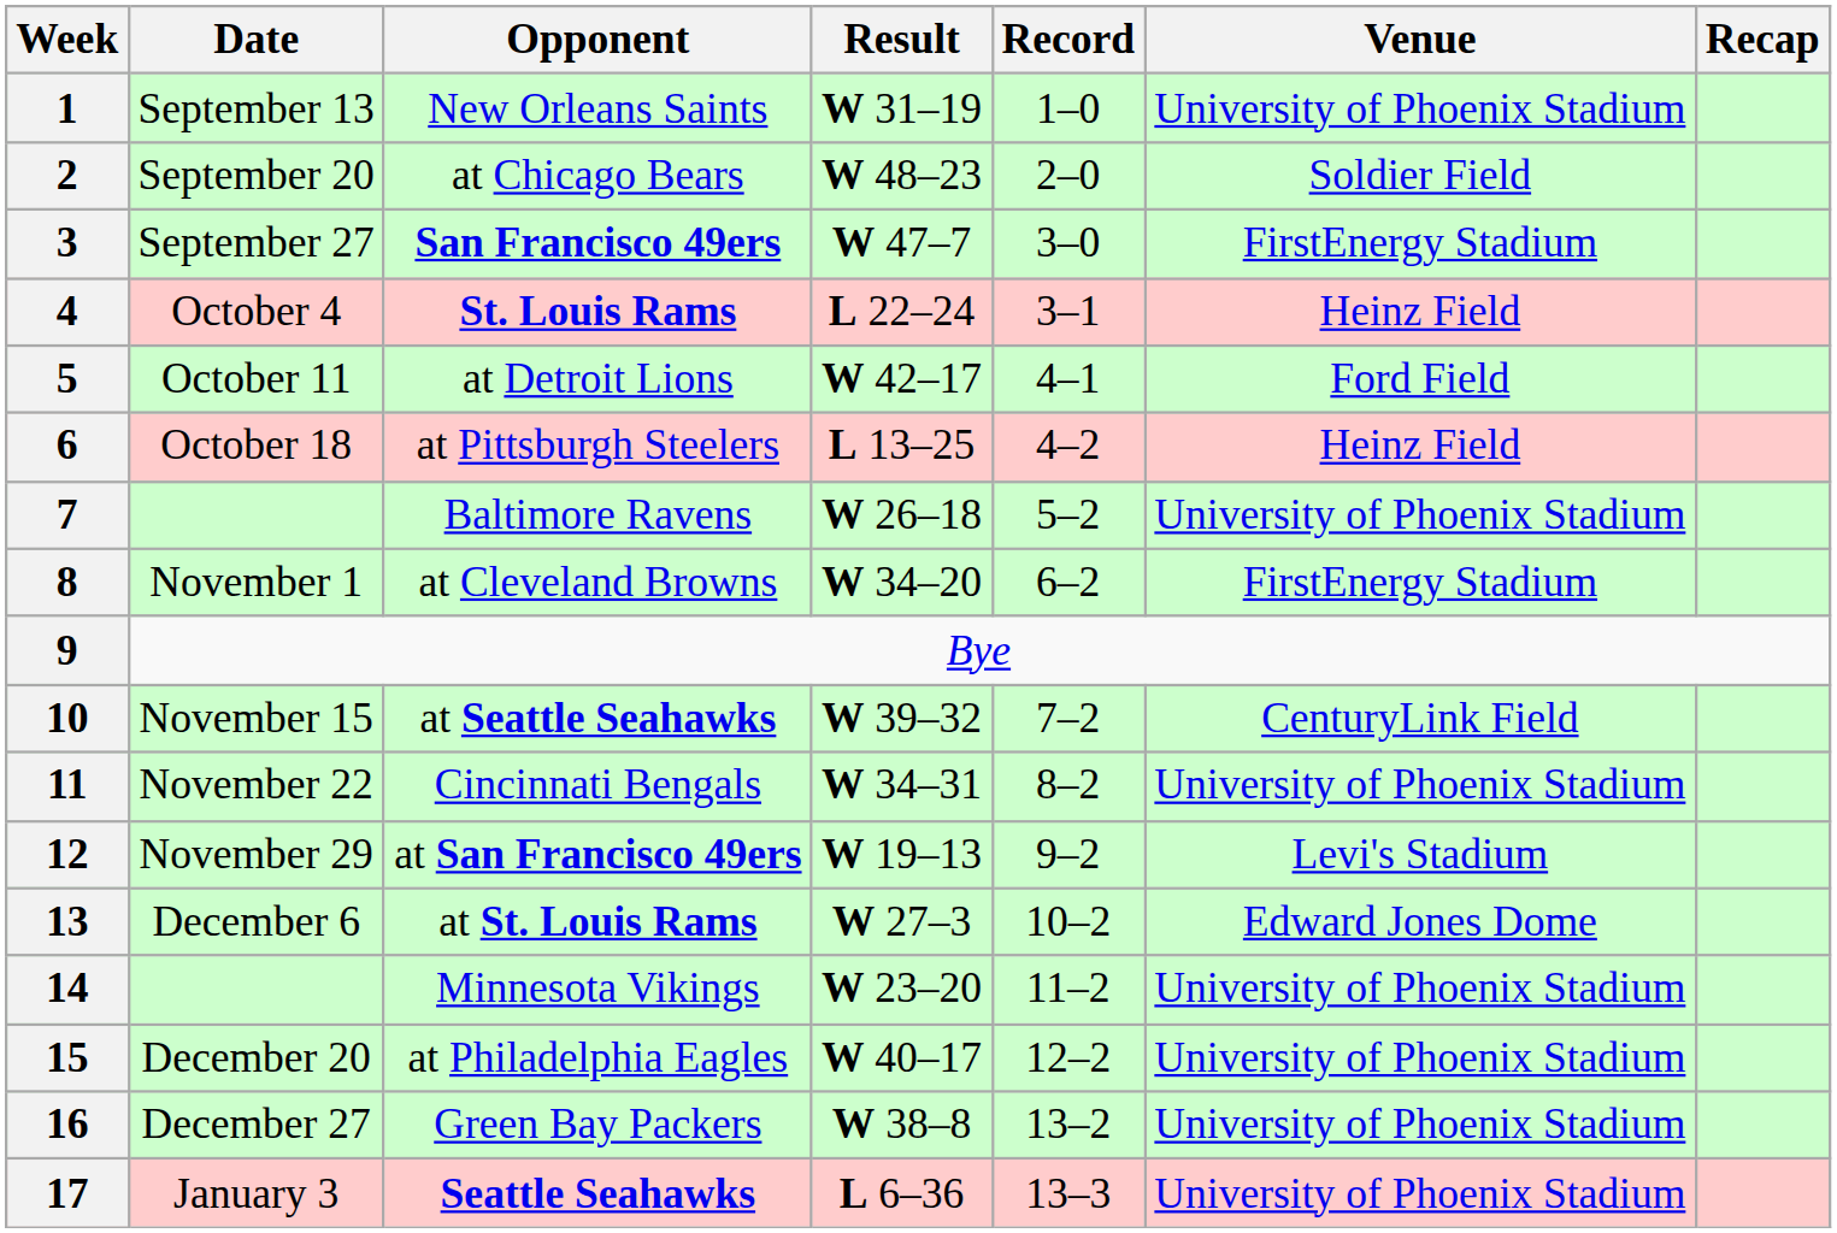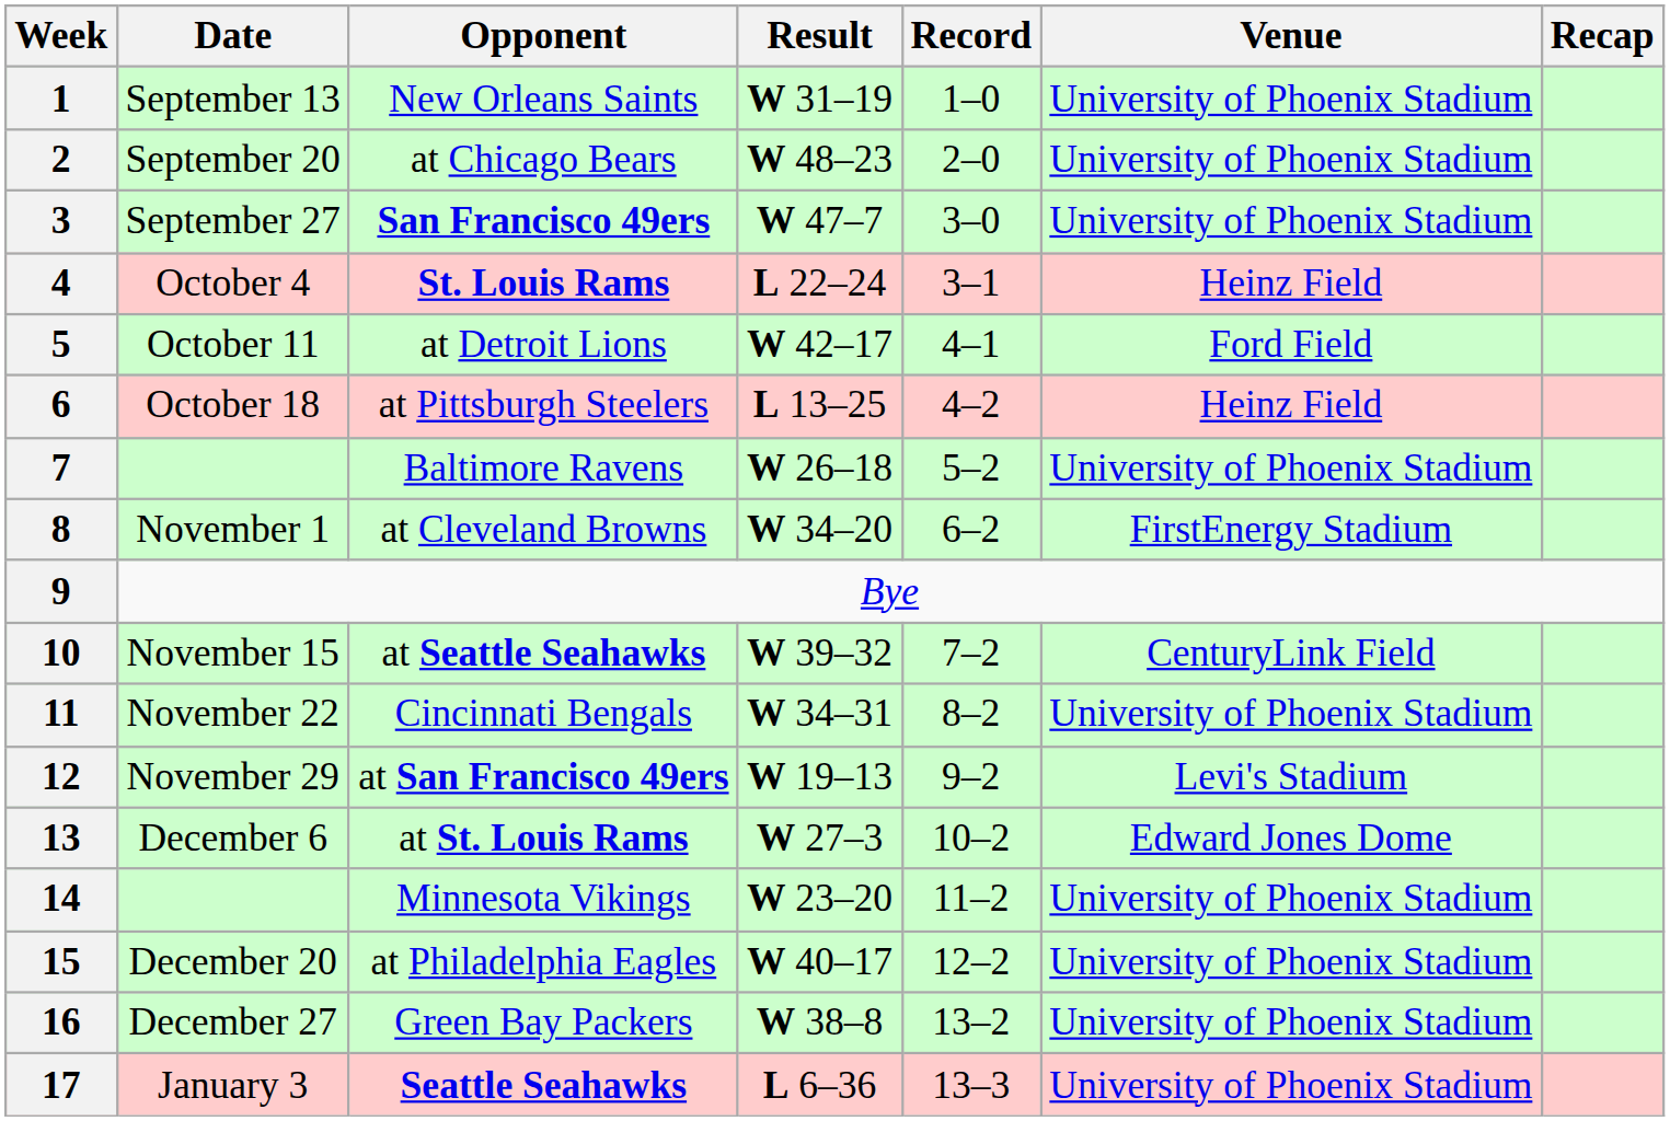 <table class="wikitable" style="text-align:center">
 <tr>
 <th>Week</th>
 <th>Date</th>
 <th>Opponent</th>
 <th>Result</th>
 <th>Record</th>
 <th>Venue</th>
 <th>Recap</th>
 </tr>
 <tr style="background:#cfc">
 <th>1</th>
 <td>September 13</td>
 <td><a href='#'>New Orleans Saints</a></td>
 <td><strong>W</strong> 31–19</td>
 <td>1–0</td>
 <td><a href='#'>University of Phoenix Stadium</a></td>
 <td></td>
 </tr>
 <tr style="background:#cfc">
 <th>2</th>
 <td>September 20</td>
 <td>at <a href='#'>Chicago Bears</a></td>
 <td><strong>W</strong> 48–23</td>
 <td>2–0</td>
-<td><a href='#'>Soldier Field</a></td>
+<td><a href='#'>University of Phoenix Stadium</a></td>
 <td></td>
 </tr>
 <tr style="background:#cfc">
 <th>3</th>
 <td>September 27</td>
 <td><strong><a href='#'>San Francisco 49ers</a></strong></td>
 <td><strong>W</strong> 47–7</td>
 <td>3–0</td>
-<td><a href='#'>FirstEnergy Stadium</a></td>
+<td><a href='#'>University of Phoenix Stadium</a></td>
 <td></td>
 </tr>
 <tr style="background:#fcc">
 <th>4</th>
 <td>October 4</td>
 <td><strong><a href='#'>St. Louis Rams</a></strong></td>
 <td><strong>L</strong> 22–24</td>
 <td>3–1</td>
 <td><a href='#'>Heinz Field</a></td>
 <td></td>
 </tr>
 <tr style="background:#cfc">
 <th>5</th>
 <td>October 11</td>
 <td>at <a href='#'>Detroit Lions</a></td>
 <td><strong>W</strong> 42–17</td>
 <td>4–1</td>
 <td><a href='#'>Ford Field</a></td>
 <td></td>
 </tr>
 <tr style="background:#fcc">
 <th>6</th>
 <td>October 18</td>
 <td>at <a href='#'>Pittsburgh Steelers</a></td>
 <td><strong>L</strong> 13–25</td>
 <td>4–2</td>
 <td><a href='#'>Heinz Field</a></td>
 <td></td>
 </tr>
 <tr style="background:#cfc">
 <th>7</th>
 <td></td>
 <td><a href='#'>Baltimore Ravens</a></td>
 <td><strong>W</strong> 26–18</td>
 <td>5–2</td>
 <td><a href='#'>University of Phoenix Stadium</a></td>
 <td></td>
 </tr>
 <tr style="background:#cfc">
 <th>8</th>
 <td>November 1</td>
 <td>at <a href='#'>Cleveland Browns</a></td>
 <td><strong>W</strong> 34–20</td>
 <td>6–2</td>
 <td><a href='#'>FirstEnergy Stadium</a></td>
 <td></td>
 </tr>
 <tr>
 <th>9</th>
 <td colspan=8><em><a href='#'>Bye</a></em></td>
 </tr>
 <tr style="background:#cfc">
 <th>10</th>
 <td>November 15</td>
 <td>at <strong><a href='#'>Seattle Seahawks</a></strong></td>
 <td><strong>W</strong> 39–32</td>
 <td>7–2</td>
 <td><a href='#'>CenturyLink Field</a></td>
 <td></td>
 </tr>
 <tr style="background:#cfc">
 <th>11</th>
 <td>November 22</td>
 <td><a href='#'>Cincinnati Bengals</a></td>
 <td><strong>W</strong> 34–31</td>
 <td>8–2</td>
 <td><a href='#'>University of Phoenix Stadium</a></td>
 <td></td>
 </tr>
 <tr style="background:#cfc">
 <th>12</th>
 <td>November 29</td>
 <td>at <strong><a href='#'>San Francisco 49ers</a></strong></td>
 <td><strong>W</strong> 19–13</td>
 <td>9–2</td>
 <td><a href='#'>Levi's Stadium</a></td>
 <td></td>
 </tr>
 <tr style="background:#cfc">
 <th>13</th>
 <td>December 6</td>
 <td>at <strong><a href='#'>St. Louis Rams</a></strong></td>
 <td><strong>W</strong> 27–3</td>
 <td>10–2</td>
 <td><a href='#'>Edward Jones Dome</a></td>
 <td></td>
 </tr>
 <tr style="background:#cfc">
 <th>14</th>
 <td></td>
 <td><a href='#'>Minnesota Vikings</a></td>
 <td><strong>W</strong> 23–20</td>
 <td>11–2</td>
 <td><a href='#'>University of Phoenix Stadium</a></td>
 <td></td>
 </tr>
 <tr style="background:#cfc">
 <th>15</th>
 <td>December 20</td>
 <td>at <a href='#'>Philadelphia Eagles</a></td>
 <td><strong>W</strong> 40–17</td>
 <td>12–2</td>
 <td><a href='#'>University of Phoenix Stadium</a></td>
 <td></td>
 </tr>
 <tr style="background:#cfc">
 <th>16</th>
 <td>December 27</td>
 <td><a href='#'>Green Bay Packers</a></td>
 <td><strong>W</strong> 38–8</td>
 <td>13–2</td>
 <td><a href='#'>University of Phoenix Stadium</a></td>
 <td></td>
 </tr>
 <tr style="background:#fcc">
 <th>17</th>
 <td>January 3</td>
 <td><strong><a href='#'>Seattle Seahawks</a></strong></td>
 <td><strong>L</strong> 6–36</td>
 <td>13–3</td>
 <td><a href='#'>University of Phoenix Stadium</a></td>
 <td></td>
 </tr>
 </table>
